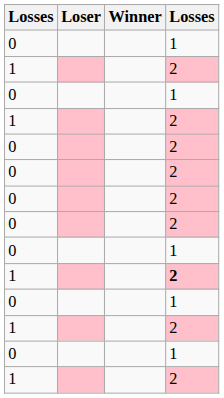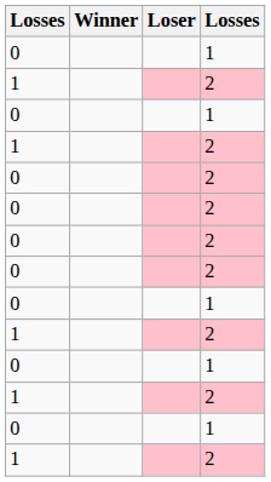 <table class=wikitable>
 <tr>
 <th>Losses</th>
+<th>Winner</th>
 <th>Loser</th>
-<th>Winner</th>
 <th>Losses</th>
 </tr>
 <tr>
 <td>0</td>
 <td></td>
 <td></td>
 <td>1</td>
 </tr>
 <tr>
 <td>1</td>
+<td></td>
 <td bgcolor=pink></td>
-<td></td>
 <td bgcolor=pink>2</td>
 </tr>
 <tr>
 <td>0</td>
 <td></td>
 <td></td>
 <td>1</td>
 </tr>
 <tr>
 <td>1</td>
+<td></td>
 <td bgcolor=pink></td>
-<td></td>
 <td bgcolor=pink>2</td>
 </tr>
 <tr>
 <td>0</td>
+<td></td>
 <td bgcolor=pink></td>
-<td></td>
 <td bgcolor=pink>2</td>
 </tr>
 <tr>
 <td>0</td>
+<td></td>
 <td bgcolor=pink></td>
-<td></td>
 <td bgcolor=pink>2</td>
 </tr>
 <tr>
 <td>0</td>
+<td></td>
 <td bgcolor=pink></td>
-<td></td>
 <td bgcolor=pink>2</td>
 </tr>
 <tr>
 <td>0</td>
+<td></td>
 <td bgcolor=pink></td>
-<td></td>
 <td bgcolor=pink>2</td>
 </tr>
 <tr>
 <td>0</td>
 <td></td>
 <td></td>
 <td>1</td>
 </tr>
 <tr>
 <td>1</td>
+<td></td>
 <td bgcolor=pink></td>
-<td></td>
-<td bgcolor=pink><strong>2</strong></td>
-</tr>
-<tr>
-<td>0</td>
-<td></td>
-<td></td>
-<td>1</td>
-</tr>
-<tr>
-<td>1</td>
-<td bgcolor=pink></td>
-<td></td>
 <td bgcolor=pink>2</td>
 </tr>
 <tr>
 <td>0</td>
 <td></td>
 <td></td>
 <td>1</td>
 </tr>
 <tr>
 <td>1</td>
+<td></td>
 <td bgcolor=pink></td>
+<td bgcolor=pink>2</td>
+</tr>
+<tr>
+<td>0</td>
 <td></td>
+<td></td>
+<td>1</td>
+</tr>
+<tr>
+<td>1</td>
+<td></td>
+<td bgcolor=pink></td>
 <td bgcolor=pink>2</td>
 </tr>
 </table>
